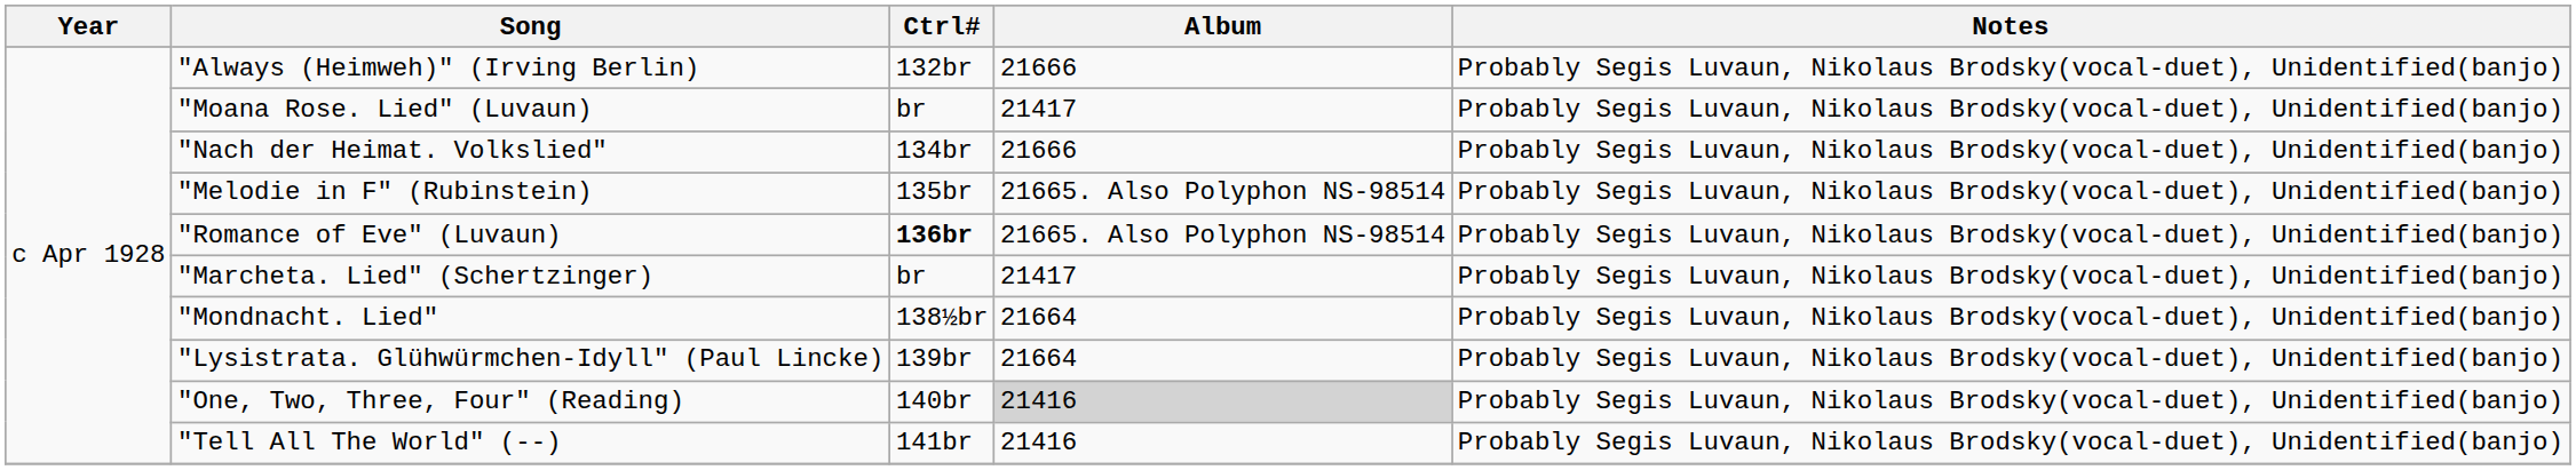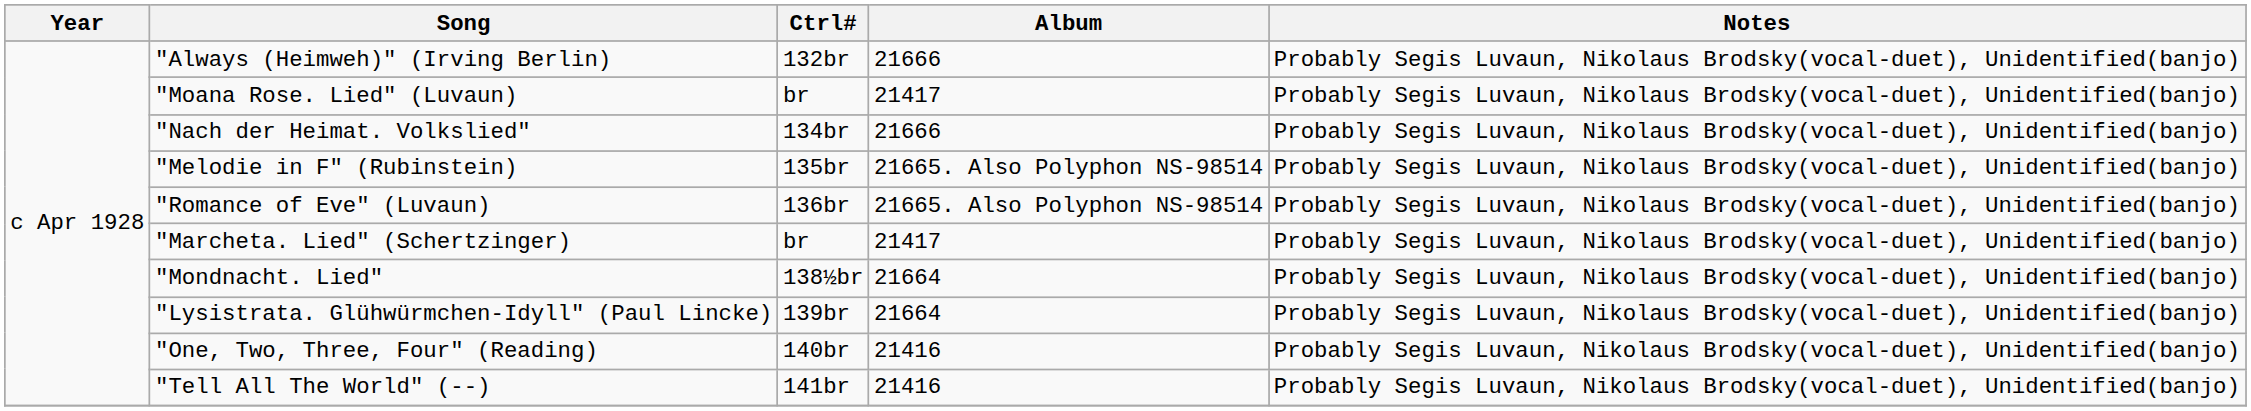 <table class="wikitable">
 <tr>
 <th>Year</th>
 <th>Song</th>
 <th>Ctrl#</th>
 <th>Album</th>
 <th>Notes</th>
 </tr>
 <tr>
 <td rowspan=10>c Apr 1928</td>
 <td>"Always (Heimweh)" (Irving Berlin)</td>
 <td>132br</td>
 <td>21666</td>
 <td>Probably Segis Luvaun, Nikolaus Brodsky(vocal-duet), Unidentified(banjo)</td>
 </tr>
 <tr>
 <td>"Moana Rose. Lied" (Luvaun)</td>
 <td>br</td>
 <td>21417</td>
 <td>Probably Segis Luvaun, Nikolaus Brodsky(vocal-duet), Unidentified(banjo)</td>
 </tr>
 <tr>
 <td>"Nach der Heimat. Volkslied"</td>
 <td>134br</td>
 <td>21666</td>
 <td>Probably Segis Luvaun, Nikolaus Brodsky(vocal-duet), Unidentified(banjo)</td>
 </tr>
 <tr>
 <td>"Melodie in F" (Rubinstein)</td>
 <td>135br</td>
 <td>21665. Also Polyphon NS-98514</td>
 <td>Probably Segis Luvaun, Nikolaus Brodsky(vocal-duet), Unidentified(banjo)</td>
 </tr>
 <tr>
 <td>"Romance of Eve" (Luvaun)</td>
-<td><strong>136br</strong></td>
+<td>136br</td>
 <td>21665. Also Polyphon NS-98514</td>
 <td>Probably Segis Luvaun, Nikolaus Brodsky(vocal-duet), Unidentified(banjo)</td>
 </tr>
 <tr>
 <td>"Marcheta. Lied" (Schertzinger)</td>
 <td>br</td>
 <td>21417</td>
 <td>Probably Segis Luvaun, Nikolaus Brodsky(vocal-duet), Unidentified(banjo)</td>
 </tr>
 <tr>
 <td>"Mondnacht. Lied"</td>
 <td>138½br</td>
 <td>21664</td>
 <td>Probably Segis Luvaun, Nikolaus Brodsky(vocal-duet), Unidentified(banjo)</td>
 </tr>
 <tr>
 <td>"Lysistrata. Glühwürmchen-Idyll" (Paul Lincke)</td>
 <td>139br</td>
 <td>21664</td>
 <td>Probably Segis Luvaun, Nikolaus Brodsky(vocal-duet), Unidentified(banjo)</td>
 </tr>
 <tr>
 <td>"One, Two, Three, Four" (Reading)</td>
 <td>140br</td>
-<td style="background: lightgrey;">21416</td>
+<td>21416</td>
 <td>Probably Segis Luvaun, Nikolaus Brodsky(vocal-duet), Unidentified(banjo)</td>
 </tr>
 <tr>
 <td>"Tell All The World" (--)</td>
 <td>141br</td>
 <td>21416</td>
 <td>Probably Segis Luvaun, Nikolaus Brodsky(vocal-duet), Unidentified(banjo)</td>
 </tr>
 <tr>
 </tr>
 </table>
